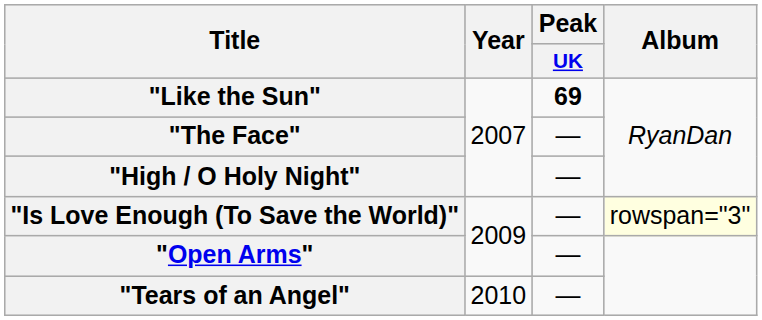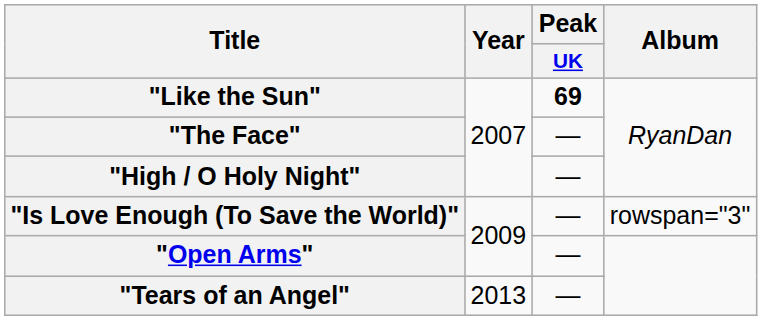 <table class="wikitable plainrowheaders" style="text-align:center">
 <tr>
 <th rowspan="2">Title</th>
 <th rowspan="2">Year</th>
 <th colspan="1">Peak</th>
 <th rowspan="2">Album</th>
 </tr>
 <tr style="font-size:smaller;">
 <th width="40"><a href='#'>UK</a><br></th>
 </tr>
 <tr>
 <th scope="row">"Like the Sun"</th>
 <td rowspan="3">2007</td>
 <td><strong>69</strong></td>
 <td rowspan="3"><em>RyanDan</em></td>
 </tr>
 <tr>
 <th scope="row">"The Face"</th>
 <td>—</td>
 </tr>
 <tr>
 <th scope="row">"High / O Holy Night"</th>
 <td>—</td>
 </tr>
 <tr>
 <th scope="row">"Is Love Enough (To Save the World)"</th>
 <td rowspan="2">2009</td>
 <td>—</td>
-<td style="background: lightyellow;">rowspan="3" </td>
+<td>rowspan="3" </td>
 </tr>
 <tr>
 <th scope="row">"<a href='#'>Open Arms</a>"</th>
 <td>—</td>
 </tr>
 <tr>
 <th scope="row">"Tears of an Angel"</th>
-<td>2010</td>
+<td>2013</td>
 <td>—</td>
 </tr>
 </table>
